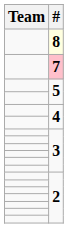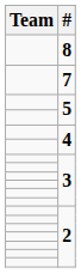 <table class="wikitable sortable" style="text-align:center">
 <tr>
 <th>Team</th>
 <th>#</th>
 </tr>
 <tr>
 <td style=><strong></strong></td>
-<td style="background: lightyellow;"><strong>8</strong></td>
+<td><strong>8</strong></td>
 </tr>
 <tr>
 <td style=><strong><a href='#'></a></strong></td>
-<td style="background: pink;"><strong>7</strong></td>
+<td><strong>7</strong></td>
 </tr>
 <tr>
 <td style=><strong><a href='#'></a></strong></td>
 <td rowspan=2><strong>5</strong></td>
 </tr>
 <tr>
 <td style=><strong><a href='#'></a></strong></td>
 </tr>
 <tr>
 <td style=><strong></strong></td>
 <td rowspan=2><strong>4</strong></td>
 </tr>
 <tr>
 <td style=><strong><a href='#'></a></strong></td>
 </tr>
 <tr>
 <td style=><strong><a href='#'></a></strong></td>
 <td rowspan=6><strong>3</strong></td>
 </tr>
 <tr>
 <td style=><strong><a href='#'></a></strong></td>
 </tr>
 <tr>
 <td style=><strong></strong></td>
 </tr>
 <tr>
 <td style=><strong></strong></td>
 </tr>
 <tr>
 <td style=><strong><a href='#'></a></strong></td>
 </tr>
 <tr>
 <td style=><strong></strong></td>
 </tr>
 <tr>
 <td style=><strong></strong></td>
 <td rowspan=7><strong>2</strong></td>
 </tr>
 <tr>
 <td style=><strong><a href='#'></a></strong></td>
 </tr>
 <tr>
 <td style=><strong><a href='#'></a></strong></td>
 </tr>
 <tr>
 <td style=><strong></strong></td>
 </tr>
 <tr>
 <td style=><strong></strong></td>
 </tr>
 <tr>
 <td style=><strong></strong></td>
 </tr>
 <tr>
 <td style=><strong><a href='#'></a></strong></td>
 </tr>
 </table>
